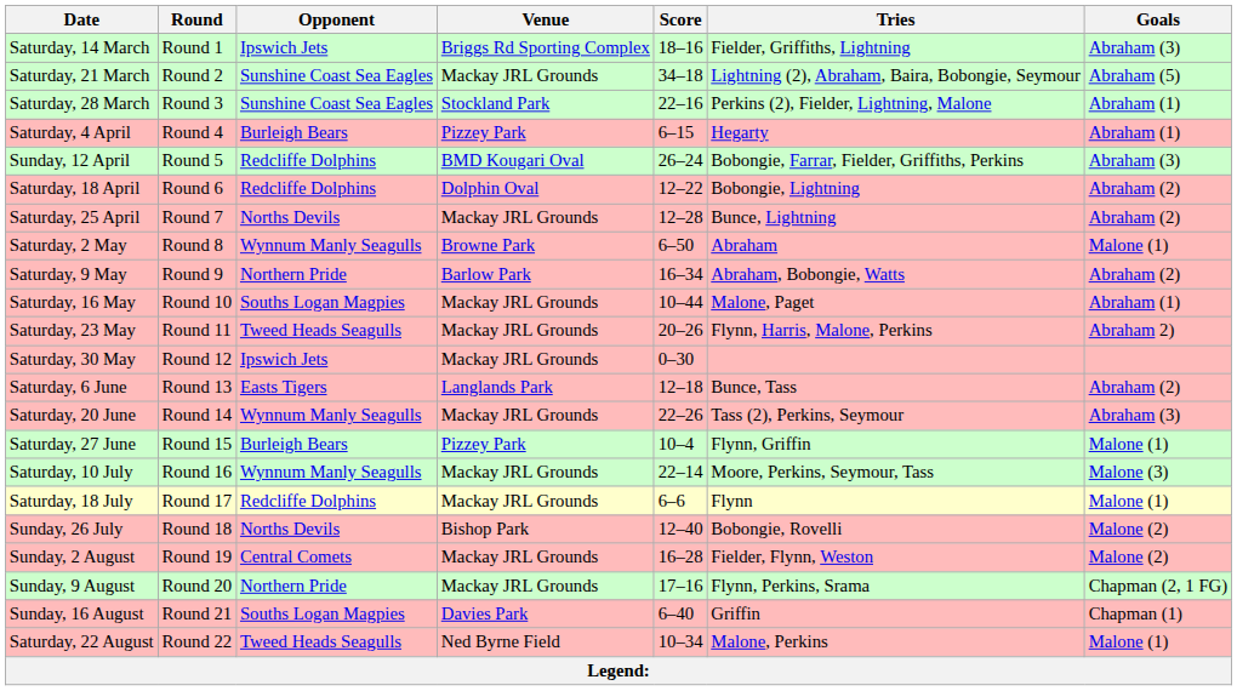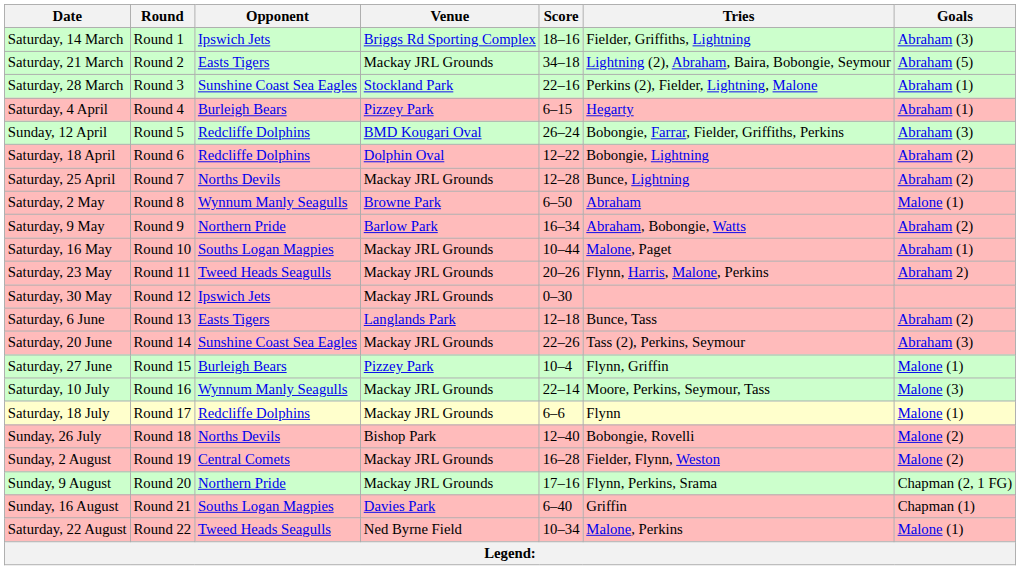 <table class="wikitable defaultleft col2center col5center">
 <tr>
 <th scope=col>Date</th>
 <th scope=col>Round</th>
 <th scope=col>Opponent</th>
 <th scope=col>Venue</th>
 <th scope=col>Score</th>
 <th scope=col>Tries</th>
 <th scope=col>Goals</th>
 </tr>
 <tr style="background:#CCFFCC">
 <td>Saturday, 14 March</td>
 <td>Round 1</td>
 <td> <a href='#'>Ipswich Jets</a></td>
 <td><a href='#'>Briggs Rd Sporting Complex</a></td>
 <td>18–16</td>
 <td>Fielder, Griffiths, <a href='#'>Lightning</a></td>
 <td><a href='#'>Abraham</a> (3)</td>
 </tr>
 <tr style="background:#CCFFCC">
 <td>Saturday, 21 March</td>
 <td>Round 2</td>
-<td> <a href='#'>Sunshine Coast Sea Eagles</a></td>
+<td> <a href='#'>Easts Tigers</a></td>
 <td>Mackay JRL Grounds</td>
 <td>34–18</td>
 <td><a href='#'>Lightning</a> (2), <a href='#'>Abraham</a>, Baira, Bobongie, Seymour</td>
 <td><a href='#'>Abraham</a> (5)</td>
 </tr>
 <tr style="background:#CCFFCC">
 <td>Saturday, 28 March</td>
 <td>Round 3</td>
 <td> <a href='#'>Sunshine Coast Sea Eagles</a></td>
 <td><a href='#'>Stockland Park</a></td>
 <td>22–16</td>
 <td>Perkins (2), Fielder, <a href='#'>Lightning</a>, <a href='#'>Malone</a></td>
 <td><a href='#'>Abraham</a> (1)</td>
 </tr>
 <tr style="background:#FFBBBB">
 <td>Saturday, 4 April</td>
 <td>Round 4</td>
 <td> <a href='#'>Burleigh Bears</a></td>
 <td><a href='#'>Pizzey Park</a></td>
 <td>6–15</td>
 <td><a href='#'>Hegarty</a></td>
 <td><a href='#'>Abraham</a> (1)</td>
 </tr>
 <tr style="background:#CCFFCC">
 <td>Sunday, 12 April</td>
 <td>Round 5</td>
 <td> <a href='#'>Redcliffe Dolphins</a></td>
 <td><a href='#'>BMD Kougari Oval</a></td>
 <td>26–24</td>
 <td>Bobongie, <a href='#'>Farrar</a>, Fielder, Griffiths, Perkins</td>
 <td><a href='#'>Abraham</a> (3)</td>
 </tr>
 <tr style="background:#FFBBBB">
 <td>Saturday, 18 April</td>
 <td>Round 6</td>
 <td> <a href='#'>Redcliffe Dolphins</a></td>
 <td><a href='#'>Dolphin Oval</a></td>
 <td>12–22</td>
 <td>Bobongie, <a href='#'>Lightning</a></td>
 <td><a href='#'>Abraham</a> (2)</td>
 </tr>
 <tr style="background:#FFBBBB">
 <td>Saturday, 25 April</td>
 <td>Round 7</td>
 <td> <a href='#'>Norths Devils</a></td>
 <td>Mackay JRL Grounds</td>
 <td>12–28</td>
 <td>Bunce, <a href='#'>Lightning</a></td>
 <td><a href='#'>Abraham</a> (2)</td>
 </tr>
 <tr style="background:#FFBBBB">
 <td>Saturday, 2 May</td>
 <td>Round 8</td>
 <td> <a href='#'>Wynnum Manly Seagulls</a></td>
 <td><a href='#'>Browne Park</a></td>
 <td>6–50</td>
 <td><a href='#'>Abraham</a></td>
 <td><a href='#'>Malone</a> (1)</td>
 </tr>
 <tr style="background:#FFBBBB">
 <td>Saturday, 9 May</td>
 <td>Round 9</td>
 <td> <a href='#'>Northern Pride</a></td>
 <td><a href='#'>Barlow Park</a></td>
 <td>16–34</td>
 <td><a href='#'>Abraham</a>, Bobongie, <a href='#'>Watts</a></td>
 <td><a href='#'>Abraham</a> (2)</td>
 </tr>
 <tr style="background:#FFBBBB">
 <td>Saturday, 16 May</td>
 <td>Round 10</td>
 <td> <a href='#'>Souths Logan Magpies</a></td>
 <td>Mackay JRL Grounds</td>
 <td>10–44</td>
 <td><a href='#'>Malone</a>, Paget</td>
 <td><a href='#'>Abraham</a> (1)</td>
 </tr>
 <tr style="background:#FFBBBB">
 <td>Saturday, 23 May</td>
 <td>Round 11</td>
 <td> <a href='#'>Tweed Heads Seagulls</a></td>
 <td>Mackay JRL Grounds</td>
 <td>20–26</td>
 <td>Flynn, <a href='#'>Harris</a>, <a href='#'>Malone</a>, Perkins</td>
 <td><a href='#'>Abraham</a> 2)</td>
 </tr>
 <tr style="background:#FFBBBB">
 <td>Saturday, 30 May</td>
 <td>Round 12</td>
 <td> <a href='#'>Ipswich Jets</a></td>
 <td>Mackay JRL Grounds</td>
 <td>0–30</td>
 <td></td>
 <td></td>
 </tr>
 <tr style="background:#FFBBBB">
 <td>Saturday, 6 June</td>
 <td>Round 13</td>
 <td> <a href='#'>Easts Tigers</a></td>
 <td><a href='#'>Langlands Park</a></td>
 <td>12–18</td>
 <td>Bunce, Tass</td>
 <td><a href='#'>Abraham</a> (2)</td>
 </tr>
 <tr style="background:#FFBBBB">
 <td>Saturday, 20 June</td>
 <td>Round 14</td>
-<td> <a href='#'>Wynnum Manly Seagulls</a></td>
+<td> <a href='#'>Sunshine Coast Sea Eagles</a></td>
 <td>Mackay JRL Grounds</td>
 <td>22–26</td>
 <td>Tass (2), Perkins, Seymour</td>
 <td><a href='#'>Abraham</a> (3)</td>
 </tr>
 <tr style="background:#CCFFCC">
 <td>Saturday, 27 June</td>
 <td>Round 15</td>
 <td> <a href='#'>Burleigh Bears</a></td>
 <td><a href='#'>Pizzey Park</a></td>
 <td>10–4</td>
 <td>Flynn, Griffin</td>
 <td><a href='#'>Malone</a> (1)</td>
 </tr>
 <tr style="background:#CCFFCC">
 <td>Saturday, 10 July</td>
 <td>Round 16</td>
 <td> <a href='#'>Wynnum Manly Seagulls</a></td>
 <td>Mackay JRL Grounds</td>
 <td>22–14</td>
 <td>Moore, Perkins, Seymour, Tass</td>
 <td><a href='#'>Malone</a> (3)</td>
 </tr>
 <tr style="background:#FFFFCC">
 <td>Saturday, 18 July</td>
 <td>Round 17</td>
 <td> <a href='#'>Redcliffe Dolphins</a></td>
 <td>Mackay JRL Grounds</td>
 <td>6–6</td>
 <td>Flynn</td>
 <td><a href='#'>Malone</a> (1)</td>
 </tr>
 <tr style="background:#FFBBBB">
 <td>Sunday, 26 July</td>
 <td>Round 18</td>
 <td> <a href='#'>Norths Devils</a></td>
 <td>Bishop Park</td>
 <td>12–40</td>
 <td>Bobongie, Rovelli</td>
 <td><a href='#'>Malone</a> (2)</td>
 </tr>
 <tr style="background:#FFBBBB">
 <td>Sunday, 2 August</td>
 <td>Round 19</td>
 <td> <a href='#'>Central Comets</a></td>
 <td>Mackay JRL Grounds</td>
 <td>16–28</td>
 <td>Fielder, Flynn, <a href='#'>Weston</a></td>
 <td><a href='#'>Malone</a> (2)</td>
 </tr>
 <tr style="background:#CCFFCC">
 <td>Sunday, 9 August</td>
 <td>Round 20</td>
 <td> <a href='#'>Northern Pride</a></td>
 <td>Mackay JRL Grounds</td>
 <td>17–16</td>
 <td>Flynn, Perkins, Srama</td>
 <td>Chapman (2, 1 FG)</td>
 </tr>
 <tr style="background:#FFBBBB">
 <td>Sunday, 16 August</td>
 <td>Round 21</td>
 <td> <a href='#'>Souths Logan Magpies</a></td>
 <td><a href='#'>Davies Park</a></td>
 <td>6–40</td>
 <td>Griffin</td>
 <td>Chapman (1)</td>
 </tr>
 <tr style="background:#FFBBBB">
 <td>Saturday, 22 August</td>
 <td>Round 22</td>
 <td> <a href='#'>Tweed Heads Seagulls</a></td>
 <td>Ned Byrne Field</td>
 <td>10–34</td>
 <td><a href='#'>Malone</a>, Perkins</td>
 <td><a href='#'>Malone</a> (1)</td>
 </tr>
 <tr>
 <th colspan="11"><strong>Legend</strong>:    </th>
 </tr>
 </table>
